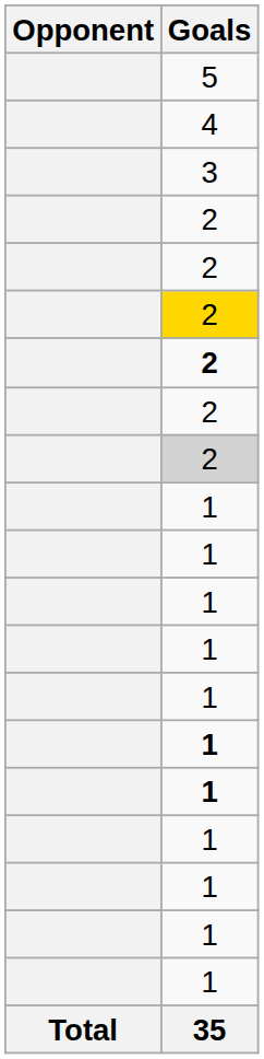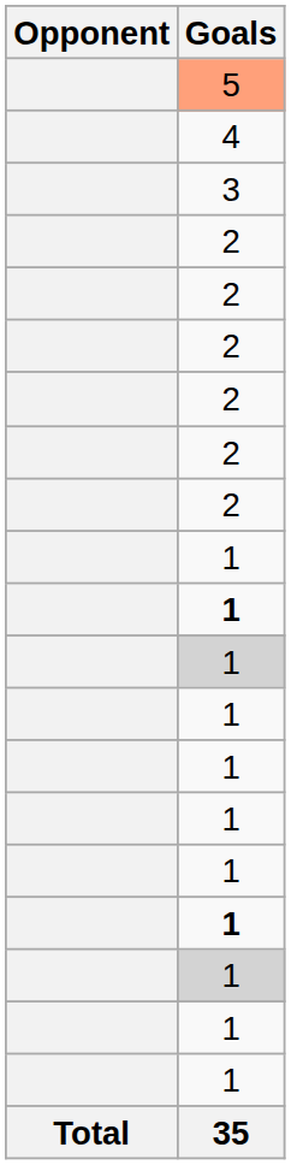 <table class="wikitable plainrowheaders sortable" style="text-align:center; font-size:95%">
 <tr>
 <th scope="col">Opponent</th>
 <th scope="col">Goals</th>
 </tr>
 <tr>
 <th scope="row"></th>
-<td>5</td>
+<td style="background: lightsalmon;">5</td>
 </tr>
 <tr>
 <th scope="row"></th>
 <td>4</td>
 </tr>
 <tr>
 <th scope="row"></th>
 <td>3</td>
 </tr>
 <tr>
 <th scope="row"></th>
 <td>2</td>
 </tr>
 <tr>
 <th scope="row"></th>
 <td>2</td>
 </tr>
 <tr>
 <th scope="row"></th>
-<td style="background: gold;">2</td>
-</tr>
-<tr>
-<th scope="row"></th>
-<td><strong>2</strong></td>
+<td>2</td>
 </tr>
 <tr>
 <th scope="row"></th>
 <td>2</td>
 </tr>
 <tr>
 <th scope="row"></th>
-<td style="background: lightgrey;">2</td>
+<td>2</td>
+</tr>
+<tr>
+<th scope="row"></th>
+<td>2</td>
 </tr>
 <tr>
 <th scope="row"></th>
 <td>1</td>
+</tr>
+<tr>
+<th scope="row"></th>
+<td><strong>1</strong></td>
+</tr>
+<tr>
+<th scope="row"></th>
+<td style="background: lightgrey;">1</td>
 </tr>
 <tr>
 <th scope="row"></th>
 <td>1</td>
 </tr>
 <tr>
 <th scope="row"></th>
 <td>1</td>
 </tr>
 <tr>
 <th scope="row"></th>
 <td>1</td>
 </tr>
 <tr>
 <th scope="row"></th>
 <td>1</td>
 </tr>
 <tr>
 <th scope="row"></th>
 <td><strong>1</strong></td>
 </tr>
 <tr>
 <th scope="row"></th>
-<td><strong>1</strong></td>
-</tr>
-<tr>
-<th scope="row"></th>
-<td>1</td>
-</tr>
-<tr>
-<th scope="row"></th>
-<td>1</td>
+<td style="background: lightgrey;">1</td>
 </tr>
 <tr>
 <th scope="row"></th>
 <td>1</td>
 </tr>
 <tr>
 <th scope="row"></th>
 <td>1</td>
 </tr>
 <tr>
 <th>Total</th>
 <th>35</th>
 </tr>
 </table>
